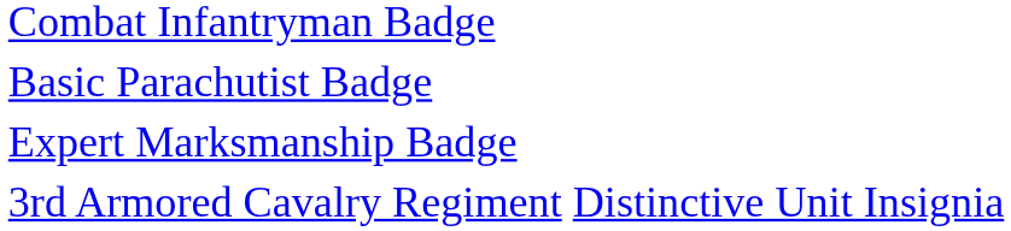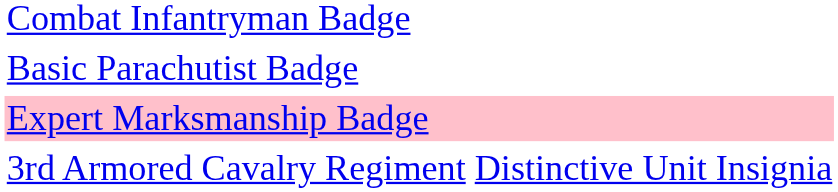 <table>
 <tr>
 <td> <a href='#'>Combat Infantryman Badge</a></td>
 </tr>
 <tr>
 <td> <a href='#'>Basic Parachutist Badge</a></td>
 </tr>
 <tr>
-<td> <a href='#'>Expert Marksmanship Badge</a></td>
+<td style="background: pink;"> <a href='#'>Expert Marksmanship Badge</a></td>
 </tr>
 <tr>
 <td> <a href='#'>3rd Armored Cavalry Regiment</a> <a href='#'>Distinctive Unit Insignia</a></td>
 </tr>
 </table>
